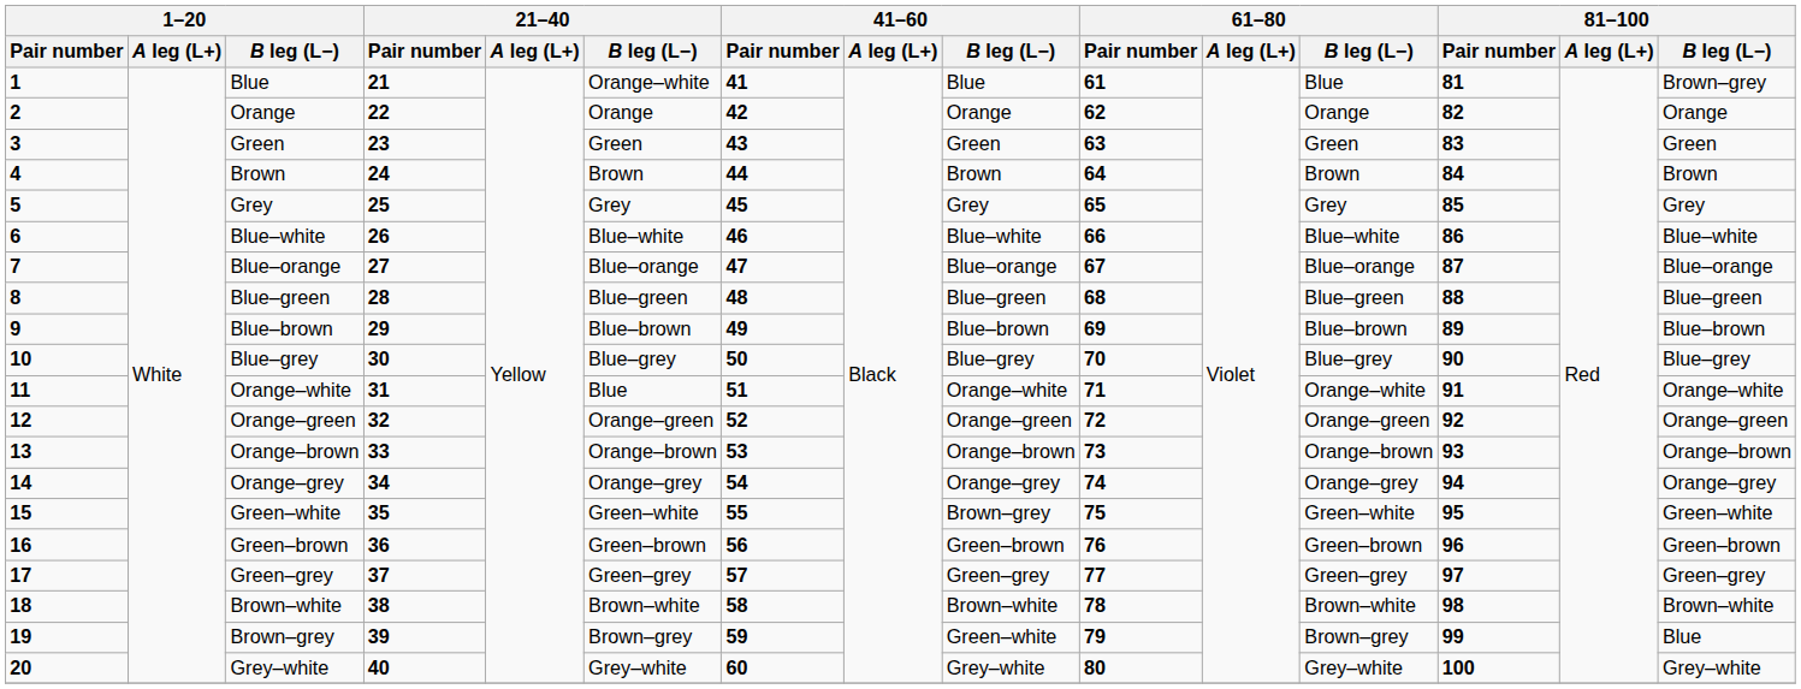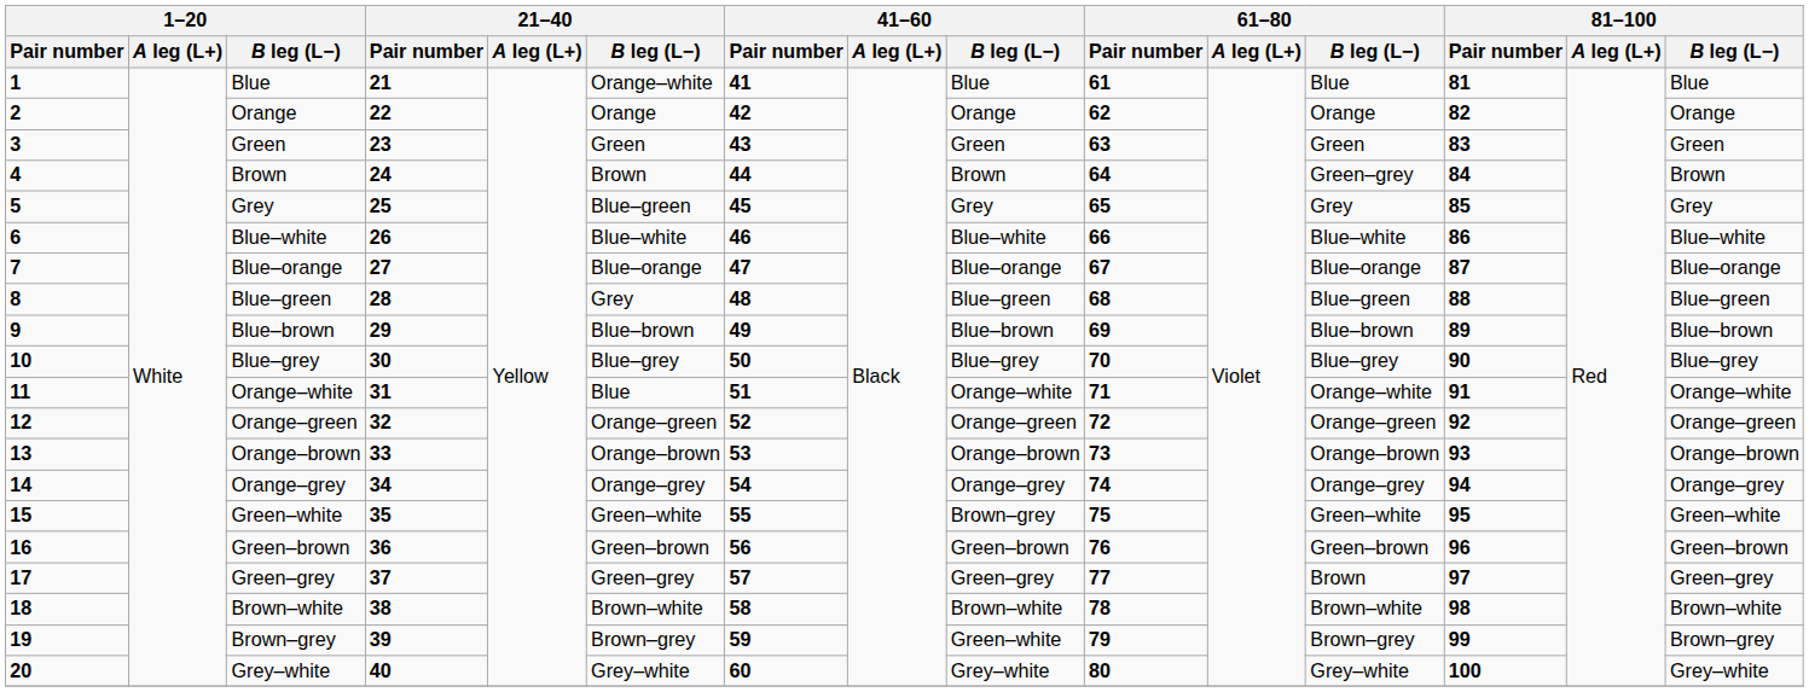 <table class="wikitable">
 <tr>
 <th colspan="3" align="center">1–20</th>
 <th colspan="3" align="center">21–40</th>
 <th colspan="3" align="center">41–60</th>
 <th colspan="3" align="center">61–80</th>
 <th colspan="3" align="center">81–100</th>
 </tr>
 <tr>
 <th>Pair number</th>
 <th><em>A</em> leg (L+)</th>
 <th><em>B</em> leg (L−)</th>
 <th>Pair number</th>
 <th><em>A</em> leg (L+)</th>
 <th><em>B</em> leg (L−)</th>
 <th>Pair number</th>
 <th><em>A</em> leg (L+)</th>
 <th><em>B</em> leg (L−)</th>
 <th>Pair number</th>
 <th><em>A</em> leg (L+)</th>
 <th><em>B</em> leg (L−)</th>
 <th>Pair number</th>
 <th><em>A</em> leg (L+)</th>
 <th><em>B</em> leg (L−)</th>
 </tr>
 <tr>
 <td><strong>1</strong></td>
 <td rowspan="20"> White</td>
 <td> Blue</td>
 <td><strong>21</strong></td>
 <td rowspan="20"> Yellow</td>
 <td> Orange–white</td>
 <td><strong>41</strong></td>
 <td rowspan="20"> Black</td>
 <td> Blue</td>
 <td><strong>61</strong></td>
 <td rowspan="20"> Violet</td>
 <td> Blue</td>
 <td><strong>81</strong></td>
 <td rowspan="20"> Red</td>
-<td> Brown–grey</td>
+<td> Blue</td>
 </tr>
 <tr>
 <td><strong>2</strong></td>
 <td> Orange</td>
 <td><strong>22</strong></td>
 <td> Orange</td>
 <td><strong>42</strong></td>
 <td> Orange</td>
 <td><strong>62</strong></td>
 <td> Orange</td>
 <td><strong>82</strong></td>
 <td> Orange</td>
 </tr>
 <tr>
 <td><strong>3</strong></td>
 <td> Green</td>
 <td><strong>23</strong></td>
 <td> Green</td>
 <td><strong>43</strong></td>
 <td> Green</td>
 <td><strong>63</strong></td>
 <td> Green</td>
 <td><strong>83</strong></td>
 <td> Green</td>
 </tr>
 <tr>
 <td><strong>4</strong></td>
 <td> Brown</td>
 <td><strong>24</strong></td>
 <td> Brown</td>
 <td><strong>44</strong></td>
 <td> Brown</td>
 <td><strong>64</strong></td>
-<td> Brown</td>
+<td> Green–grey</td>
 <td><strong>84</strong></td>
 <td> Brown</td>
 </tr>
 <tr>
 <td><strong>5</strong></td>
 <td> Grey</td>
 <td><strong>25</strong></td>
-<td> Grey</td>
+<td> Blue–green</td>
 <td><strong>45</strong></td>
 <td> Grey</td>
 <td><strong>65</strong></td>
 <td> Grey</td>
 <td><strong>85</strong></td>
 <td> Grey</td>
 </tr>
 <tr>
 <td><strong>6</strong></td>
 <td> Blue–white</td>
 <td><strong>26</strong></td>
 <td> Blue–white</td>
 <td><strong>46</strong></td>
 <td> Blue–white</td>
 <td><strong>66</strong></td>
 <td> Blue–white</td>
 <td><strong>86</strong></td>
 <td> Blue–white</td>
 </tr>
 <tr>
 <td><strong>7</strong></td>
 <td> Blue–orange</td>
 <td><strong>27</strong></td>
 <td> Blue–orange</td>
 <td><strong>47</strong></td>
 <td> Blue–orange</td>
 <td><strong>67</strong></td>
 <td> Blue–orange</td>
 <td><strong>87</strong></td>
 <td> Blue–orange</td>
 </tr>
 <tr>
 <td><strong>8</strong></td>
 <td> Blue–green</td>
 <td><strong>28</strong></td>
-<td> Blue–green</td>
+<td> Grey</td>
 <td><strong>48</strong></td>
 <td> Blue–green</td>
 <td><strong>68</strong></td>
 <td> Blue–green</td>
 <td><strong>88</strong></td>
 <td> Blue–green</td>
 </tr>
 <tr>
 <td><strong>9</strong></td>
 <td> Blue–brown</td>
 <td><strong>29</strong></td>
 <td> Blue–brown</td>
 <td><strong>49</strong></td>
 <td> Blue–brown</td>
 <td><strong>69</strong></td>
 <td> Blue–brown</td>
 <td><strong>89</strong></td>
 <td> Blue–brown</td>
 </tr>
 <tr>
 <td><strong>10</strong></td>
 <td> Blue–grey</td>
 <td><strong>30</strong></td>
 <td> Blue–grey</td>
 <td><strong>50</strong></td>
 <td> Blue–grey</td>
 <td><strong>70</strong></td>
 <td> Blue–grey</td>
 <td><strong>90</strong></td>
 <td> Blue–grey</td>
 </tr>
 <tr>
 <td><strong>11</strong></td>
 <td> Orange–white</td>
 <td><strong>31</strong></td>
 <td> Blue</td>
 <td><strong>51</strong></td>
 <td> Orange–white</td>
 <td><strong>71</strong></td>
 <td> Orange–white</td>
 <td><strong>91</strong></td>
 <td> Orange–white</td>
 </tr>
 <tr>
 <td><strong>12</strong></td>
 <td> Orange–green</td>
 <td><strong>32</strong></td>
 <td> Orange–green</td>
 <td><strong>52</strong></td>
 <td> Orange–green</td>
 <td><strong>72</strong></td>
 <td> Orange–green</td>
 <td><strong>92</strong></td>
 <td> Orange–green</td>
 </tr>
 <tr>
 <td><strong>13</strong></td>
 <td> Orange–brown</td>
 <td><strong>33</strong></td>
 <td> Orange–brown</td>
 <td><strong>53</strong></td>
 <td> Orange–brown</td>
 <td><strong>73</strong></td>
 <td> Orange–brown</td>
 <td><strong>93</strong></td>
 <td> Orange–brown</td>
 </tr>
 <tr>
 <td><strong>14</strong></td>
 <td> Orange–grey</td>
 <td><strong>34</strong></td>
 <td> Orange–grey</td>
 <td><strong>54</strong></td>
 <td> Orange–grey</td>
 <td><strong>74</strong></td>
 <td> Orange–grey</td>
 <td><strong>94</strong></td>
 <td> Orange–grey</td>
 </tr>
 <tr>
 <td><strong>15</strong></td>
 <td> Green–white</td>
 <td><strong>35</strong></td>
 <td> Green–white</td>
 <td><strong>55</strong></td>
 <td> Brown–grey</td>
 <td><strong>75</strong></td>
 <td> Green–white</td>
 <td><strong>95</strong></td>
 <td> Green–white</td>
 </tr>
 <tr>
 <td><strong>16</strong></td>
 <td> Green–brown</td>
 <td><strong>36</strong></td>
 <td> Green–brown</td>
 <td><strong>56</strong></td>
 <td> Green–brown</td>
 <td><strong>76</strong></td>
 <td> Green–brown</td>
 <td><strong>96</strong></td>
 <td> Green–brown</td>
 </tr>
 <tr>
 <td><strong>17</strong></td>
 <td> Green–grey</td>
 <td><strong>37</strong></td>
 <td> Green–grey</td>
 <td><strong>57</strong></td>
 <td> Green–grey</td>
 <td><strong>77</strong></td>
-<td> Green–grey</td>
+<td> Brown</td>
 <td><strong>97</strong></td>
 <td> Green–grey</td>
 </tr>
 <tr>
 <td><strong>18</strong></td>
 <td> Brown–white</td>
 <td><strong>38</strong></td>
 <td> Brown–white</td>
 <td><strong>58</strong></td>
 <td> Brown–white</td>
 <td><strong>78</strong></td>
 <td> Brown–white</td>
 <td><strong>98</strong></td>
 <td> Brown–white</td>
 </tr>
 <tr>
 <td><strong>19</strong></td>
 <td> Brown–grey</td>
 <td><strong>39</strong></td>
 <td> Brown–grey</td>
 <td><strong>59</strong></td>
 <td> Green–white</td>
 <td><strong>79</strong></td>
 <td> Brown–grey</td>
 <td><strong>99</strong></td>
-<td> Blue</td>
+<td> Brown–grey</td>
 </tr>
 <tr>
 <td><strong>20</strong></td>
 <td> Grey–white</td>
 <td><strong>40</strong></td>
 <td> Grey–white</td>
 <td><strong>60</strong></td>
 <td> Grey–white</td>
 <td><strong>80</strong></td>
 <td> Grey–white</td>
 <td><strong>100</strong></td>
 <td> Grey–white</td>
 </tr>
 <tr>
 </tr>
 </table>
